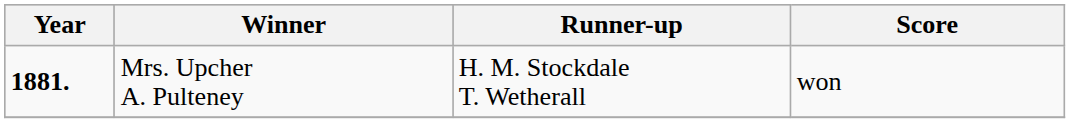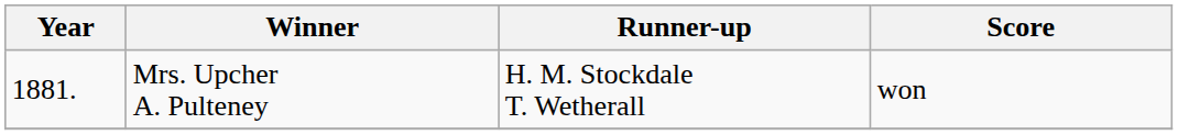 <table class="wikitable">
 <tr>
 <th style="width:60px;">Year</th>
 <th style="width:200px;">Winner</th>
 <th style="width:200px;">Runner-up</th>
 <th style="width:160px;">Score</th>
 </tr>
 <tr>
-<td><strong>1881.</strong></td>
+<td>1881.</td>
 <td> Mrs. Upcher<br> A. Pulteney</td>
 <td> H. M. Stockdale<br> T. Wetherall</td>
 <td>won</td>
 </tr>
 <tr>
 </tr>
 </table>
